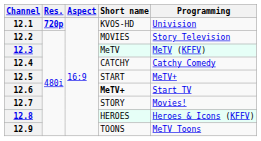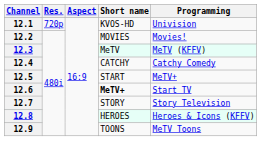 <table class="wikitable">
 <tr>
 <th scope = "col"><a href='#'>Channel</a></th>
 <th scope = "col"><a href='#'>Res.</a></th>
 <th scope = "col"><a href='#'>Aspect</a></th>
 <th scope = "col">Short name</th>
 <th scope = "col">Programming</th>
 </tr>
 <tr>
 <th scope = "row">12.1</th>
-<td><strong><a href='#'>720p</a></strong></td>
+<td><a href='#'>720p</a></td>
 <td rowspan="9"><a href='#'>16:9</a></td>
 <td>KVOS-HD</td>
 <td><a href='#'>Univision</a></td>
 </tr>
 <tr>
 <th scope = "row">12.2</th>
 <td rowspan="8"><a href='#'>480i</a></td>
 <td>MOVIES</td>
-<td><a href='#'>Story Television</a></td>
+<td><a href='#'>Movies!</a></td>
 </tr>
 <tr style="background-color: #E6FFF7;">
 <th scope = "row"><a href='#'>12.3</a></th>
 <td>MeTV</td>
 <td><a href='#'>MeTV</a> (<a href='#'>KFFV</a>)</td>
 </tr>
 <tr>
 <th scope = "row">12.4</th>
 <td>CATCHY</td>
 <td><a href='#'>Catchy Comedy</a></td>
 </tr>
 <tr>
 <th scope = "row">12.5</th>
 <td>START</td>
 <td><a href='#'>MeTV+</a></td>
 </tr>
 <tr>
 <th scope = "row">12.6</th>
 <td><strong>MeTV+</strong></td>
 <td><a href='#'>Start TV</a></td>
 </tr>
 <tr>
 <th scope = "row">12.7</th>
 <td>STORY</td>
-<td><a href='#'>Movies!</a></td>
+<td><a href='#'>Story Television</a></td>
 </tr>
 <tr style="background-color: #E6FFF7;">
 <th scope = "row"><a href='#'>12.8</a></th>
 <td>HEROES</td>
 <td><a href='#'>Heroes & Icons</a> (<a href='#'>KFFV</a>)</td>
 </tr>
 <tr>
 <th scope = "row">12.9</th>
 <td>TOONS</td>
 <td><a href='#'>MeTV Toons</a></td>
 </tr>
 </table>
